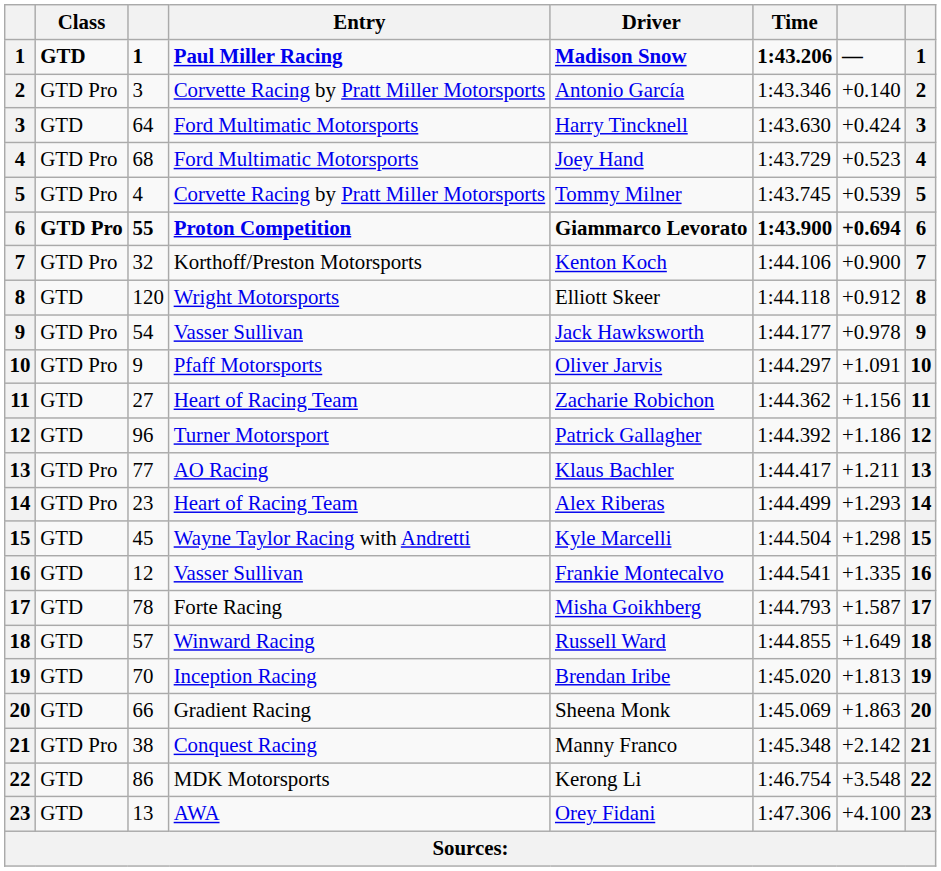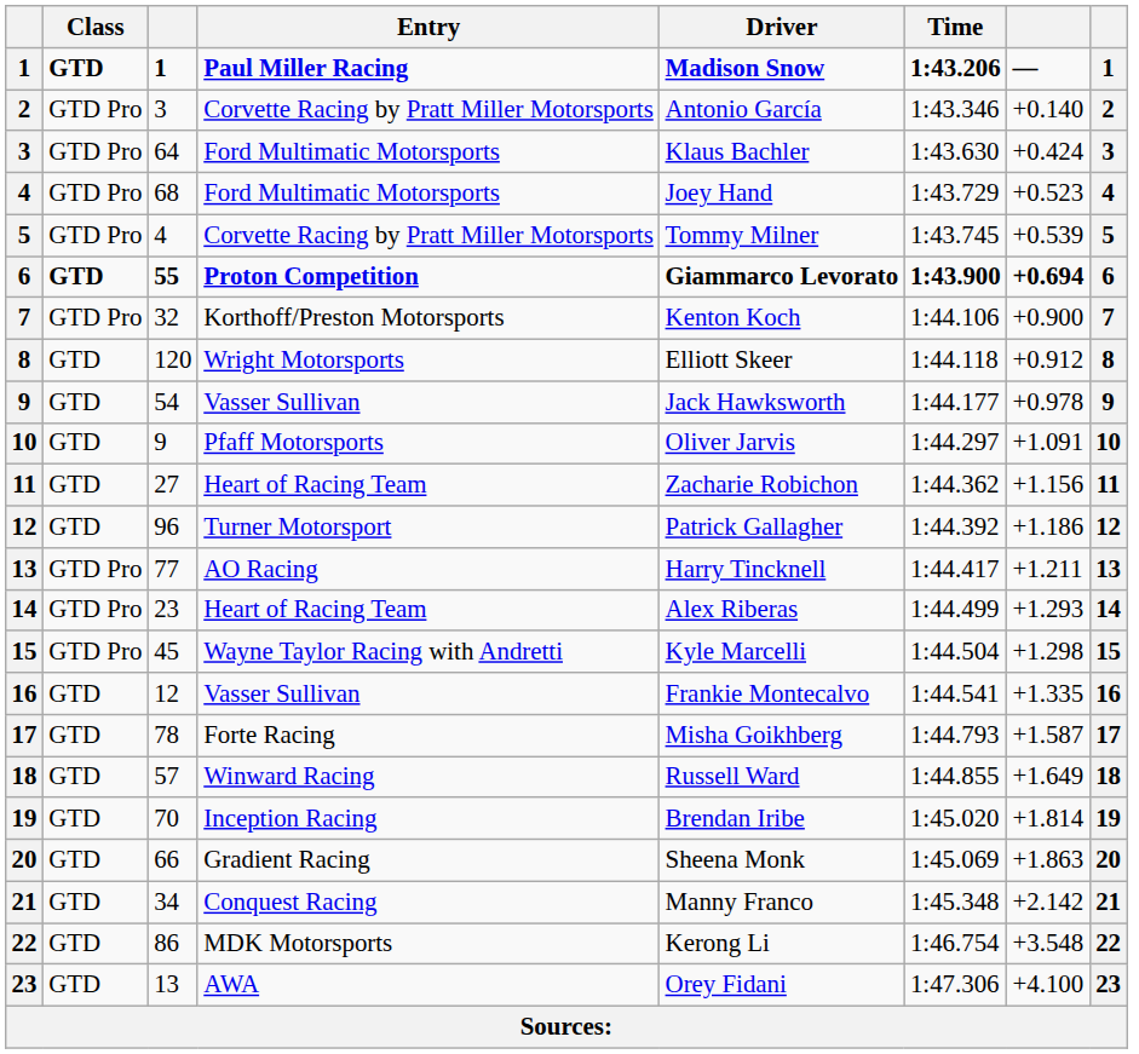 <table class="wikitable" style="font-size:90%;">
 <tr>
 <th></th>
 <th>Class</th>
 <th></th>
 <th>Entry</th>
 <th>Driver</th>
 <th>Time</th>
 <th></th>
 <th></th>
 </tr>
 <tr style="font-weight:bold;">
 <th>1</th>
 <td>GTD</td>
 <td>1</td>
 <td> <a href='#'>Paul Miller Racing</a></td>
 <td> <a href='#'>Madison Snow</a></td>
 <td>1:43.206</td>
 <td>—</td>
 <th>1</th>
 </tr>
 <tr>
 <th>2</th>
 <td>GTD Pro</td>
 <td>3</td>
 <td> <a href='#'>Corvette Racing</a> by <a href='#'>Pratt Miller Motorsports</a></td>
 <td> <a href='#'>Antonio García</a></td>
 <td>1:43.346</td>
 <td>+0.140</td>
 <th>2</th>
 </tr>
 <tr>
 <th>3</th>
-<td>GTD</td>
+<td>GTD Pro</td>
 <td>64</td>
 <td> <a href='#'>Ford Multimatic Motorsports</a></td>
-<td> <a href='#'>Harry Tincknell</a></td>
+<td> <a href='#'>Klaus Bachler</a></td>
 <td>1:43.630</td>
 <td>+0.424</td>
 <th>3</th>
 </tr>
 <tr>
 <th>4</th>
 <td>GTD Pro</td>
 <td>68</td>
 <td> <a href='#'>Ford Multimatic Motorsports</a></td>
 <td> <a href='#'>Joey Hand</a></td>
 <td>1:43.729</td>
 <td>+0.523</td>
 <th>4</th>
 </tr>
 <tr>
 <th>5</th>
 <td>GTD Pro</td>
 <td>4</td>
 <td> <a href='#'>Corvette Racing</a> by <a href='#'>Pratt Miller Motorsports</a></td>
 <td> <a href='#'>Tommy Milner</a></td>
 <td>1:43.745</td>
 <td>+0.539</td>
 <th>5</th>
 </tr>
 <tr style="font-weight:bold;">
 <th>6</th>
-<td>GTD Pro</td>
+<td>GTD</td>
 <td>55</td>
 <td> <a href='#'>Proton Competition</a></td>
 <td> Giammarco Levorato</td>
 <td>1:43.900</td>
 <td>+0.694</td>
 <th>6</th>
 </tr>
 <tr>
 <th>7</th>
 <td>GTD Pro</td>
 <td>32</td>
 <td> Korthoff/Preston Motorsports</td>
 <td> <a href='#'>Kenton Koch</a></td>
 <td>1:44.106</td>
 <td>+0.900</td>
 <th>7</th>
 </tr>
 <tr>
 <th>8</th>
 <td>GTD</td>
 <td>120</td>
 <td> <a href='#'>Wright Motorsports</a></td>
 <td> Elliott Skeer</td>
 <td>1:44.118</td>
 <td>+0.912</td>
 <th>8</th>
 </tr>
 <tr>
 <th>9</th>
-<td>GTD Pro</td>
+<td>GTD</td>
 <td>54</td>
 <td> <a href='#'>Vasser Sullivan</a></td>
 <td> <a href='#'>Jack Hawksworth</a></td>
 <td>1:44.177</td>
 <td>+0.978</td>
 <th>9</th>
 </tr>
 <tr>
 <th>10</th>
-<td>GTD Pro</td>
+<td>GTD</td>
 <td>9</td>
 <td> <a href='#'>Pfaff Motorsports</a></td>
 <td> <a href='#'>Oliver Jarvis</a></td>
 <td>1:44.297</td>
 <td>+1.091</td>
 <th>10</th>
 </tr>
 <tr>
 <th>11</th>
 <td>GTD</td>
 <td>27</td>
 <td> <a href='#'>Heart of Racing Team</a></td>
 <td> <a href='#'>Zacharie Robichon</a></td>
 <td>1:44.362</td>
 <td>+1.156</td>
 <th>11</th>
 </tr>
 <tr>
 <th>12</th>
 <td>GTD</td>
 <td>96</td>
 <td> <a href='#'>Turner Motorsport</a></td>
 <td> <a href='#'>Patrick Gallagher</a></td>
 <td>1:44.392</td>
 <td>+1.186</td>
 <th>12</th>
 </tr>
 <tr>
 <th>13</th>
 <td>GTD Pro</td>
 <td>77</td>
 <td> <a href='#'>AO Racing</a></td>
-<td> <a href='#'>Klaus Bachler</a></td>
+<td> <a href='#'>Harry Tincknell</a></td>
 <td>1:44.417</td>
 <td>+1.211</td>
 <th>13</th>
 </tr>
 <tr>
 <th>14</th>
 <td>GTD Pro</td>
 <td>23</td>
 <td> <a href='#'>Heart of Racing Team</a></td>
 <td> <a href='#'>Alex Riberas</a></td>
 <td>1:44.499</td>
 <td>+1.293</td>
 <th>14</th>
 </tr>
 <tr>
 <th>15</th>
-<td>GTD</td>
+<td>GTD Pro</td>
 <td>45</td>
 <td> <a href='#'>Wayne Taylor Racing</a> with <a href='#'>Andretti</a></td>
 <td> <a href='#'>Kyle Marcelli</a></td>
 <td>1:44.504</td>
 <td>+1.298</td>
 <th>15</th>
 </tr>
 <tr>
 <th>16</th>
 <td>GTD</td>
 <td>12</td>
 <td> <a href='#'>Vasser Sullivan</a></td>
 <td> <a href='#'>Frankie Montecalvo</a></td>
 <td>1:44.541</td>
 <td>+1.335</td>
 <th>16</th>
 </tr>
 <tr>
 <th>17</th>
 <td>GTD</td>
 <td>78</td>
 <td> Forte Racing</td>
 <td> <a href='#'>Misha Goikhberg</a></td>
 <td>1:44.793</td>
 <td>+1.587</td>
 <th>17</th>
 </tr>
 <tr>
 <th>18</th>
 <td>GTD</td>
 <td>57</td>
 <td> <a href='#'>Winward Racing</a></td>
 <td> <a href='#'>Russell Ward</a></td>
 <td>1:44.855</td>
 <td>+1.649</td>
 <th>18</th>
 </tr>
 <tr>
 <th>19</th>
 <td>GTD</td>
 <td>70</td>
 <td> <a href='#'>Inception Racing</a></td>
 <td> <a href='#'>Brendan Iribe</a></td>
 <td>1:45.020</td>
-<td>+1.813</td>
+<td>+1.814</td>
 <th>19</th>
 </tr>
 <tr>
 <th>20</th>
 <td>GTD</td>
 <td>66</td>
 <td> Gradient Racing</td>
 <td> Sheena Monk</td>
 <td>1:45.069</td>
 <td>+1.863</td>
 <th>20</th>
 </tr>
 <tr>
 <th>21</th>
-<td>GTD Pro</td>
-<td>38</td>
+<td>GTD</td>
+<td>34</td>
 <td> <a href='#'>Conquest Racing</a></td>
 <td> Manny Franco</td>
 <td>1:45.348</td>
 <td>+2.142</td>
 <th>21</th>
 </tr>
 <tr>
 <th>22</th>
 <td>GTD</td>
 <td>86</td>
 <td> MDK Motorsports</td>
 <td> Kerong Li</td>
 <td>1:46.754</td>
 <td>+3.548</td>
 <th>22</th>
 </tr>
 <tr>
 <th>23</th>
 <td>GTD</td>
 <td>13</td>
 <td> <a href='#'>AWA</a></td>
 <td> <a href='#'>Orey Fidani</a></td>
 <td>1:47.306</td>
 <td>+4.100</td>
 <th>23</th>
 </tr>
 <tr>
 <th colspan="8">Sources:</th>
 </tr>
 </table>
